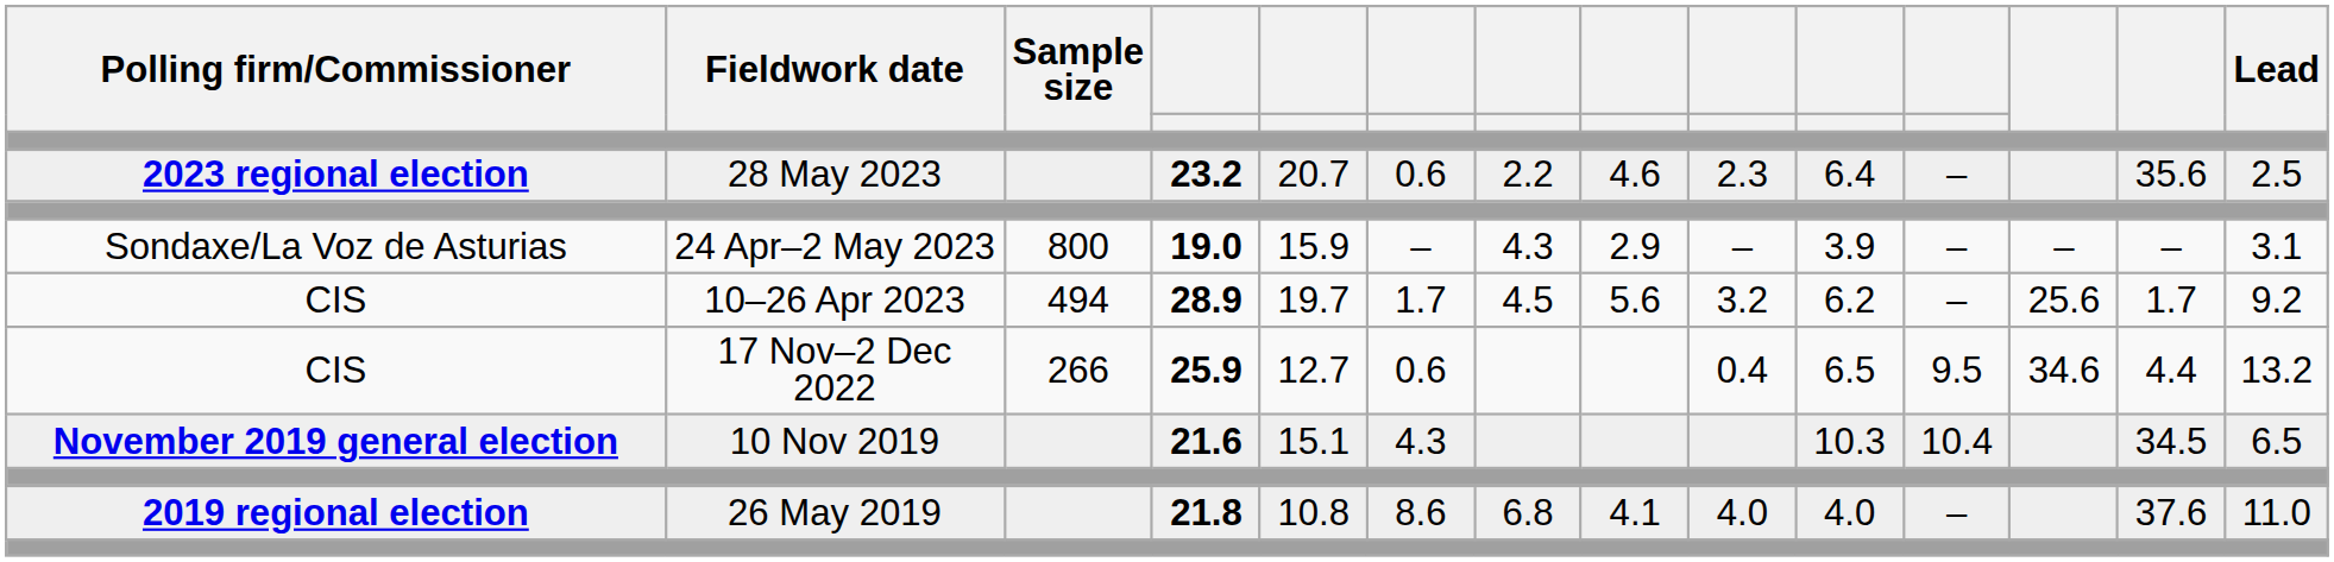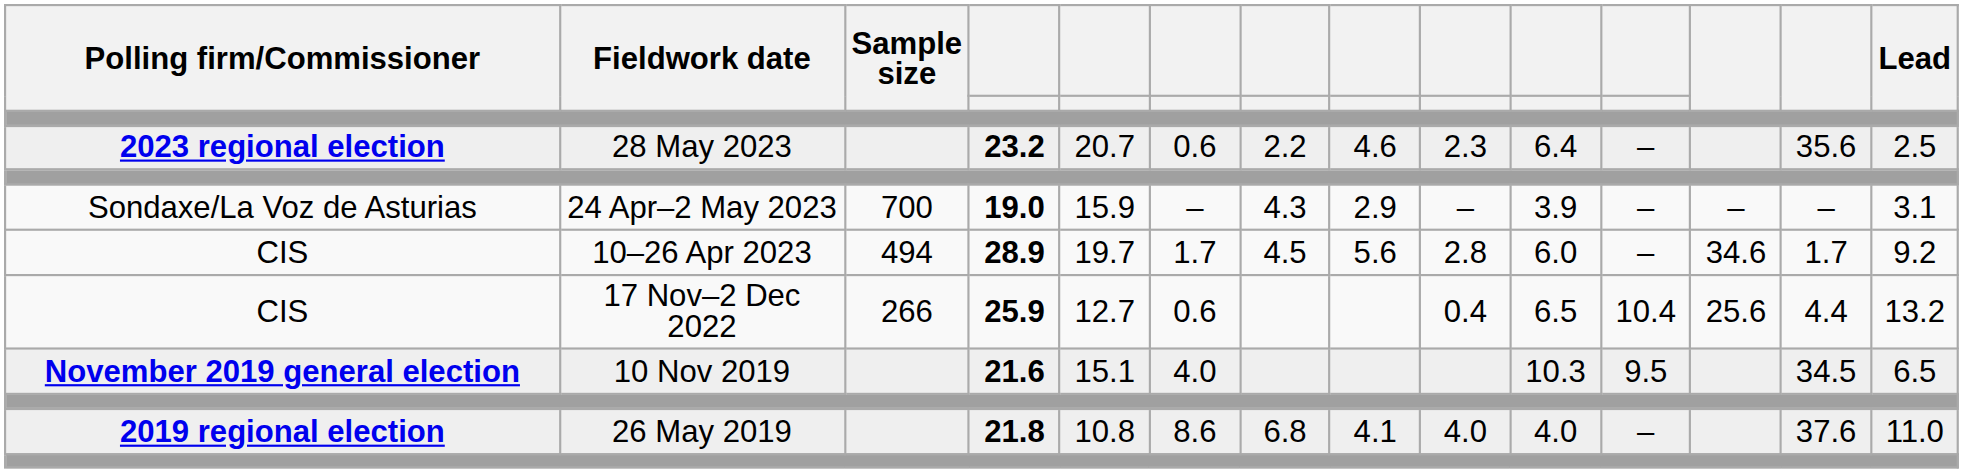 <table class="wikitable collapsible collapsed" style="text-align:center; font-size:90%; line-height:14px;">
 <tr style="height:42px;">
 <th style="width:250px;" rowspan="2">Polling firm/Commissioner</th>
 <th style="width:125px;" rowspan="2">Fieldwork date</th>
 <th style="width:50px;" rowspan="2">Sample size</th>
 <th style="width:35px;"></th>
 <th style="width:35px;"></th>
 <th style="width:35px;"></th>
 <th style="width:35px;"></th>
 <th style="width:35px;"></th>
 <th style="width:35px;"></th>
 <th style="width:35px;"></th>
 <th style="width:35px;"></th>
 <th style="width:35px;" rowspan="2"></th>
 <th style="width:35px;" rowspan="2"></th>
 <th style="width:30px;" rowspan="2">Lead</th>
 </tr>
 <tr>
 <th style="color:inherit;background:"></th>
 <th style="color:inherit;background:"></th>
 <th style="color:inherit;background:"></th>
 <th style="color:inherit;background:"></th>
 <th style="color:inherit;background:"></th>
 <th style="color:inherit;background:"></th>
 <th style="color:inherit;background:"></th>
 <th style="color:inherit;background:"></th>
 </tr>
 <tr>
 <td colspan="14" style="background:#A0A0A0"></td>
 </tr>
 <tr style="background:#EFEFEF;">
 <td><strong><a href='#'>2023 regional election</a></strong></td>
 <td>28 May 2023</td>
 <td></td>
 <td><strong>23.2</strong></td>
 <td>20.7</td>
 <td>0.6</td>
 <td>2.2</td>
 <td>4.6</td>
 <td>2.3</td>
 <td>6.4</td>
 <td>–</td>
 <td></td>
 <td>35.6</td>
 <td style="background:">2.5</td>
 </tr>
 <tr>
 <td colspan="14" style="background:#A0A0A0"></td>
 </tr>
 <tr>
 <td>Sondaxe/La Voz de Asturias</td>
 <td>24 Apr–2 May 2023</td>
-<td>800</td>
+<td>700</td>
 <td><strong>19.0</strong></td>
 <td>15.9</td>
 <td>–</td>
 <td>4.3</td>
 <td>2.9</td>
 <td>–</td>
 <td>3.9</td>
 <td>–</td>
 <td>–</td>
 <td>–</td>
 <td style="background:">3.1</td>
 </tr>
 <tr>
 <td>CIS</td>
 <td>10–26 Apr 2023</td>
 <td>494</td>
 <td><strong>28.9</strong></td>
 <td>19.7</td>
 <td>1.7</td>
 <td>4.5</td>
 <td>5.6</td>
-<td>3.2</td>
-<td>6.2</td>
+<td>2.8</td>
+<td>6.0</td>
 <td>–</td>
-<td>25.6</td>
+<td>34.6</td>
 <td>1.7</td>
 <td style="background:">9.2</td>
 </tr>
 <tr>
 <td>CIS</td>
 <td>17 Nov–2 Dec 2022</td>
 <td>266</td>
 <td><strong>25.9</strong></td>
 <td>12.7</td>
 <td>0.6</td>
 <td></td>
 <td></td>
 <td>0.4</td>
 <td>6.5</td>
-<td>9.5</td>
-<td>34.6</td>
+<td>10.4</td>
+<td>25.6</td>
 <td>4.4</td>
 <td style="background:">13.2</td>
 </tr>
 <tr style="background:#EFEFEF;">
 <td><strong><a href='#'>November 2019 general election</a></strong></td>
 <td>10 Nov 2019</td>
 <td></td>
 <td><strong>21.6</strong></td>
 <td>15.1</td>
-<td>4.3</td>
+<td>4.0</td>
 <td></td>
 <td></td>
 <td></td>
 <td>10.3</td>
-<td>10.4</td>
+<td>9.5</td>
 <td></td>
 <td>34.5</td>
 <td style="background:">6.5</td>
 </tr>
 <tr>
 <td colspan="14" style="background:#A0A0A0"></td>
 </tr>
 <tr style="background:#EFEFEF;">
 <td><strong><a href='#'>2019 regional election</a></strong></td>
 <td>26 May 2019</td>
 <td></td>
 <td><strong>21.8</strong></td>
 <td>10.8</td>
 <td>8.6</td>
 <td>6.8</td>
 <td>4.1</td>
 <td>4.0</td>
 <td>4.0</td>
 <td>–</td>
 <td></td>
 <td>37.6</td>
 <td style="background:">11.0</td>
 </tr>
 <tr>
 <td colspan="14" style="background:#A0A0A0"></td>
 </tr>
 </table>
